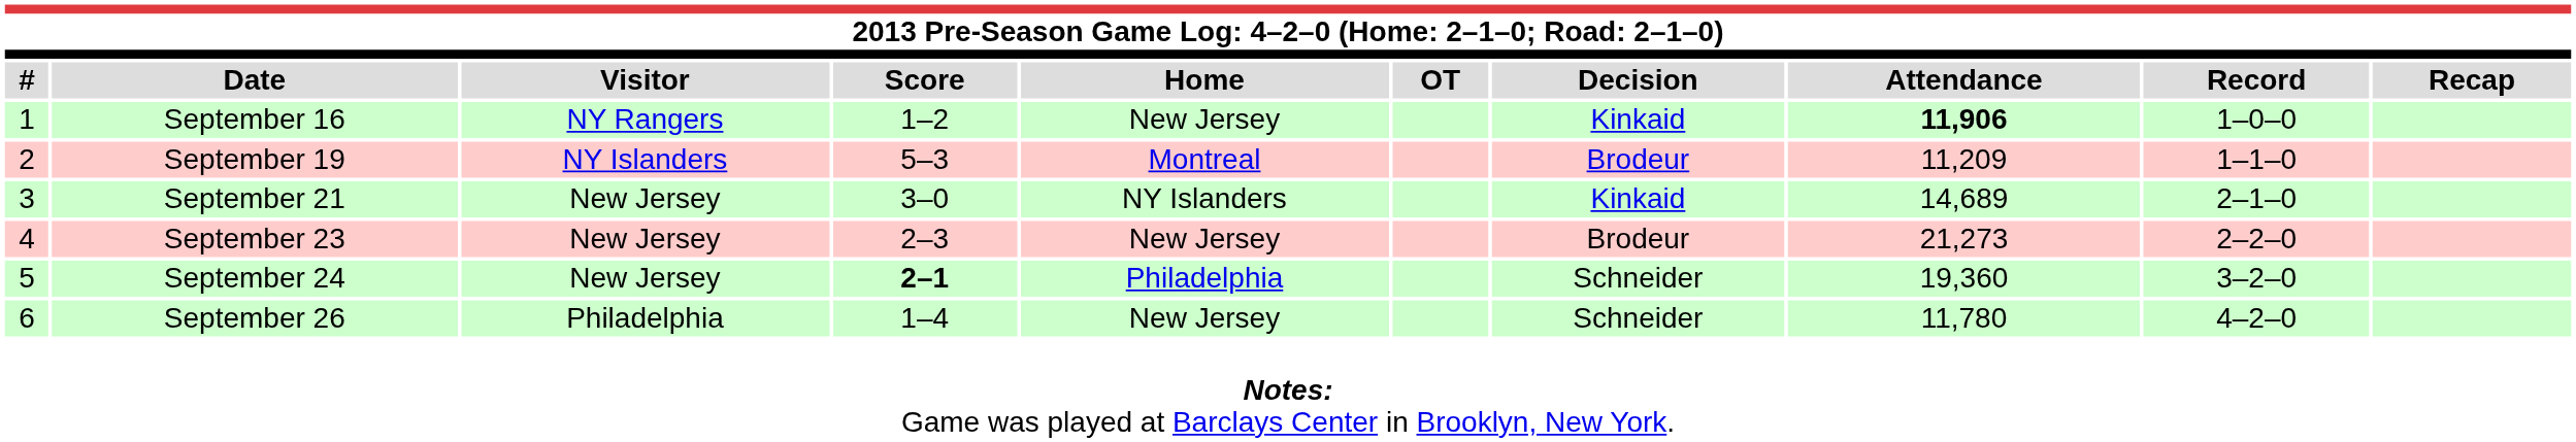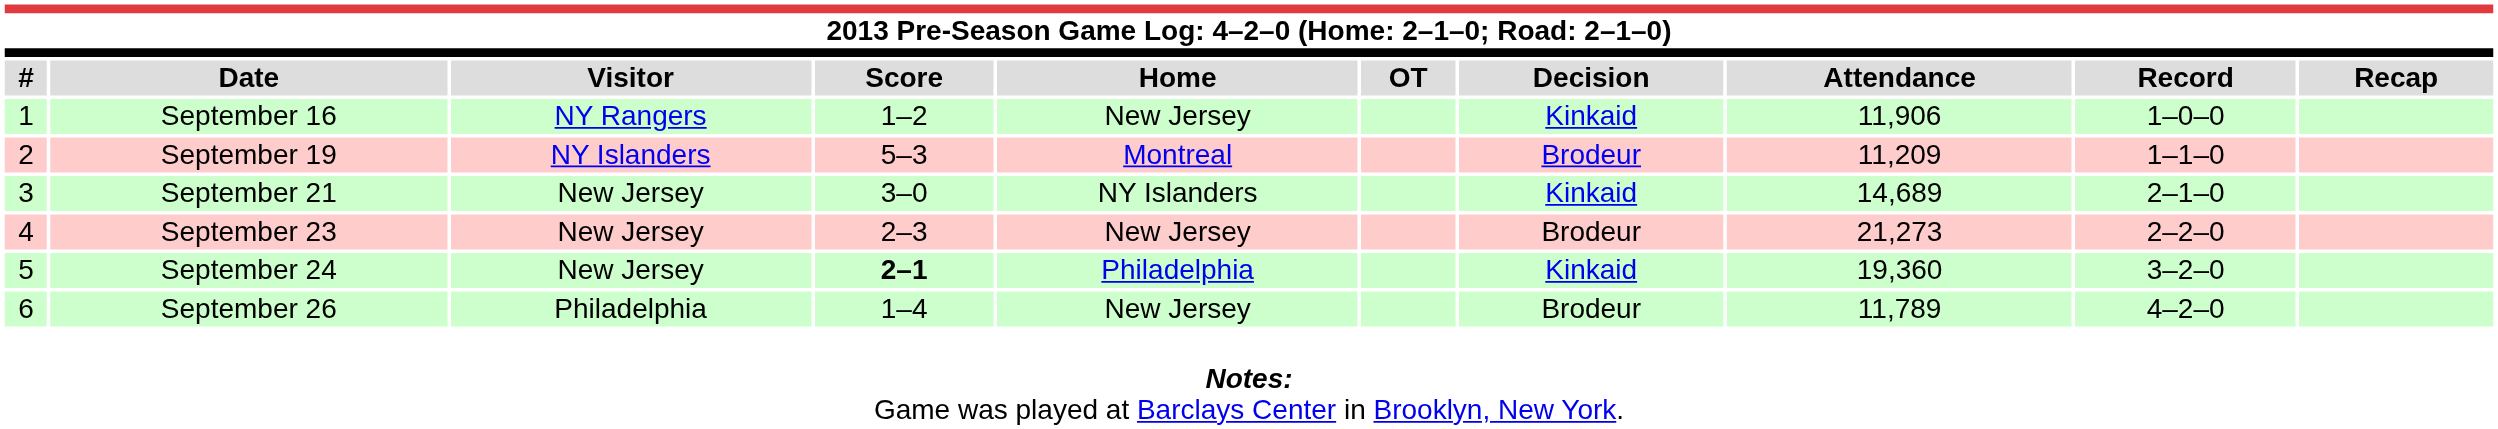 <table class="toccolours collapsible collapsed"  style="width:90%; clear:both; margin:1.5em auto; text-align:center;">
 <tr>
 <th colspan=10 style="background:#fff; border-top:#E03A3E 5px solid; border-bottom:#000000 5px solid;">2013 Pre-Season Game Log: 4–2–0 (Home: 2–1–0; Road: 2–1–0)</th>
 </tr>
 <tr style="text-align:center; background:#ddd;">
 <th>#</th>
 <th>Date</th>
 <th>Visitor</th>
 <th>Score</th>
 <th>Home</th>
 <th>OT</th>
 <th>Decision</th>
 <th>Attendance</th>
 <th>Record</th>
 <th>Recap</th>
 </tr>
 <tr style="text-align:center; background:#cfc;">
 <td>1</td>
 <td>September 16</td>
 <td><a href='#'>NY Rangers</a></td>
 <td>1–2</td>
 <td>New Jersey</td>
 <td></td>
 <td><a href='#'>Kinkaid</a></td>
-<td><strong>11,906</strong></td>
+<td>11,906</td>
 <td>1–0–0</td>
 <td></td>
 </tr>
 <tr style="text-align:center; background:#fcc;">
 <td>2</td>
 <td>September 19</td>
 <td><a href='#'>NY Islanders</a></td>
 <td>5–3</td>
 <td><a href='#'>Montreal</a></td>
 <td></td>
 <td><a href='#'>Brodeur</a></td>
 <td>11,209</td>
 <td>1–1–0</td>
 <td></td>
 </tr>
 <tr style="text-align:center; background:#cfc;">
 <td>3</td>
 <td>September 21</td>
 <td>New Jersey</td>
 <td>3–0</td>
 <td>NY Islanders</td>
 <td></td>
 <td><a href='#'>Kinkaid</a></td>
 <td>14,689</td>
 <td>2–1–0</td>
 <td></td>
 </tr>
 <tr style="text-align:center; background:#fcc;">
 <td>4</td>
 <td>September 23</td>
 <td>New Jersey</td>
 <td>2–3</td>
 <td>New Jersey</td>
 <td></td>
 <td>Brodeur</td>
 <td>21,273</td>
 <td>2–2–0</td>
 <td></td>
 </tr>
 <tr style="text-align:center; background:#cfc;">
 <td>5</td>
 <td>September 24</td>
 <td>New Jersey</td>
 <td><strong>2–1</strong></td>
 <td><a href='#'>Philadelphia</a></td>
 <td></td>
-<td>Schneider</td>
+<td><a href='#'>Kinkaid</a></td>
 <td>19,360</td>
 <td>3–2–0</td>
 <td></td>
 </tr>
 <tr style="text-align:center; background:#cfc;">
 <td>6</td>
 <td>September 26</td>
 <td>Philadelphia</td>
 <td>1–4</td>
 <td>New Jersey</td>
 <td></td>
-<td>Schneider</td>
-<td>11,780</td>
+<td>Brodeur</td>
+<td>11,789</td>
 <td>4–2–0</td>
 <td></td>
 </tr>
 <tr>
 <td colspan="10" style="text-align:center;"><br><strong><em>Notes:</em></strong><br> Game was played at <a href='#'>Barclays Center</a> in <a href='#'>Brooklyn, New York</a>.</td>
 </tr>
 </table>
